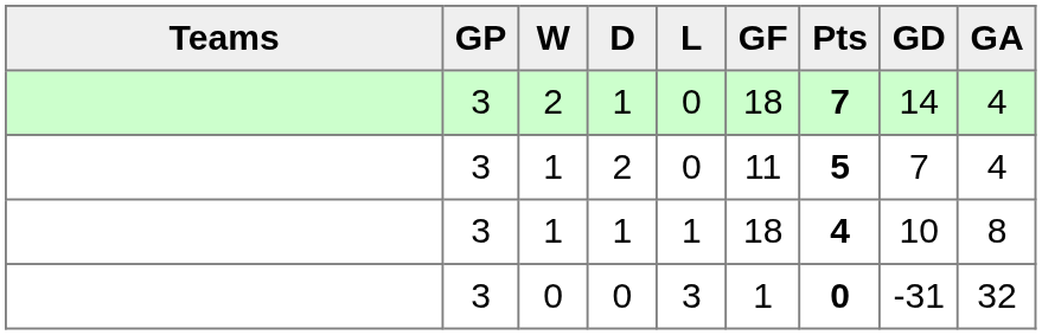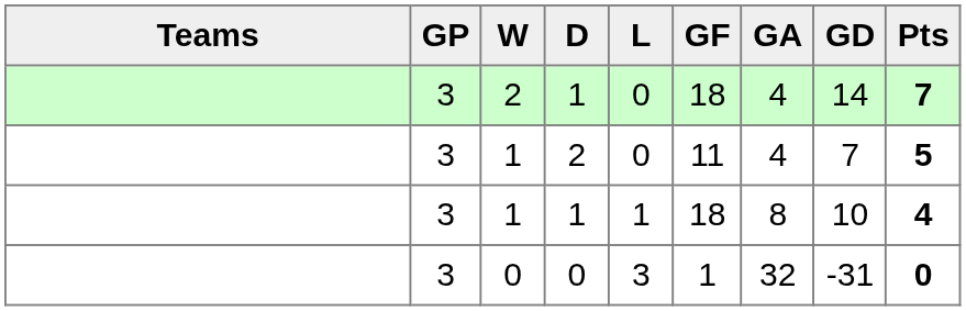 <table style=border-collapse:collapse border=1 cellspacing=0 cellpadding=5>
 <tr align=center bgcolor=#efefef>
 <th width=185>Teams</th>
 <th width=20>GP</th>
 <th width=20>W</th>
 <th width=20>D</th>
 <th width=20>L</th>
 <th width=20>GF</th>
+<th width=20>GA</th>
+<th width=20>GD</th>
 <th width=20>Pts<br></th>
-<th width=20>GD</th>
-<th width=20>GA</th>
 </tr>
 <tr align=center bgcolor="ccffcc">
 <td style="text-align:left;"></td>
 <td>3</td>
 <td>2</td>
 <td>1</td>
 <td>0</td>
 <td>18</td>
+<td>4</td>
+<td>14</td>
 <td><strong>7</strong></td>
-<td>14</td>
-<td>4</td>
 </tr>
 <tr align=center>
 <td style="text-align:left;"></td>
 <td>3</td>
 <td>1</td>
 <td>2</td>
 <td>0</td>
 <td>11</td>
+<td>4</td>
+<td>7</td>
 <td><strong>5</strong></td>
-<td>7</td>
-<td>4</td>
 </tr>
 <tr align=center>
 <td style="text-align:left;"></td>
 <td>3</td>
 <td>1</td>
 <td>1</td>
 <td>1</td>
 <td>18</td>
+<td>8</td>
+<td>10</td>
 <td><strong>4</strong></td>
-<td>10</td>
-<td>8</td>
 </tr>
 <tr align=center>
 <td style="text-align:left;"></td>
 <td>3</td>
 <td>0</td>
 <td>0</td>
 <td>3</td>
 <td>1</td>
+<td>32</td>
+<td>-31</td>
 <td><strong>0</strong></td>
-<td>-31</td>
-<td>32</td>
 </tr>
 </table>
